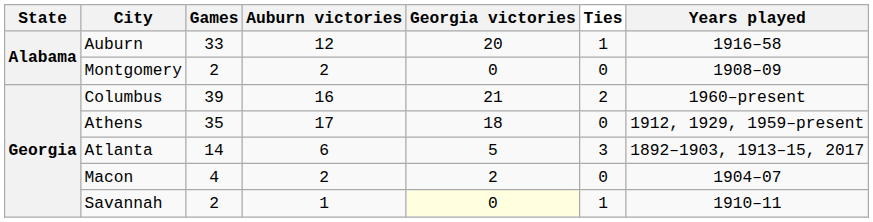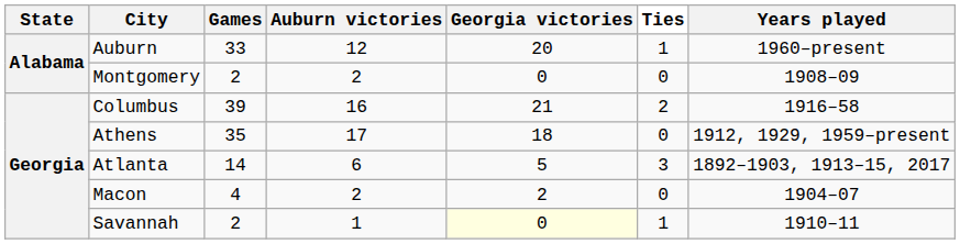 <table class="wikitable sortable">
 <tr>
 <th>State</th>
 <th>City</th>
 <th>Games</th>
 <th>Auburn victories</th>
 <th>Georgia victories</th>
 <th style="text-align:center; background:white; color:black;">Ties</th>
 <th>Years played</th>
 </tr>
 <tr>
 <th rowspan="2">Alabama</th>
 <td>Auburn</td>
 <td style="text-align:center;">33</td>
 <td style="text-align:center;">12</td>
 <td style="text-align:center;">20</td>
 <td style="text-align:center;">1</td>
-<td style="text-align:center;">1916–58</td>
+<td style="text-align:center;">1960–present</td>
 </tr>
 <tr>
 <td>Montgomery</td>
 <td style="text-align:center;">2</td>
 <td style="text-align:center;">2</td>
 <td style="text-align:center;">0</td>
 <td style="text-align:center;">0</td>
 <td style="text-align:center;">1908–09</td>
 </tr>
 <tr>
 <th rowspan="5">Georgia</th>
 <td>Columbus</td>
 <td style="text-align:center;">39</td>
 <td style="text-align:center;">16</td>
 <td style="text-align:center;">21</td>
 <td style="text-align:center;">2</td>
-<td style="text-align:center;">1960–present</td>
+<td style="text-align:center;">1916–58</td>
 </tr>
 <tr>
 <td>Athens</td>
 <td style="text-align:center;">35</td>
 <td style="text-align:center;">17</td>
 <td style="text-align:center;">18</td>
 <td style="text-align:center;">0</td>
 <td style="text-align:center;">1912, 1929, 1959–present</td>
 </tr>
 <tr>
 <td>Atlanta</td>
 <td style="text-align:center;">14</td>
 <td style="text-align:center;">6</td>
 <td style="text-align:center;">5</td>
 <td style="text-align:center;">3</td>
 <td style="text-align:center;">1892–1903, 1913–15, 2017</td>
 </tr>
 <tr>
 <td>Macon</td>
 <td style="text-align:center;">4</td>
 <td style="text-align:center;">2</td>
 <td style="text-align:center;">2</td>
 <td style="text-align:center;">0</td>
 <td style="text-align:center;">1904–07</td>
 </tr>
 <tr>
 <td>Savannah</td>
 <td style="text-align:center;">2</td>
 <td style="text-align:center;">1</td>
 <td style="background: lightyellow; text-align:center;">0</td>
 <td style="text-align:center;">1</td>
 <td style="text-align:center;">1910–11</td>
 </tr>
 </table>
